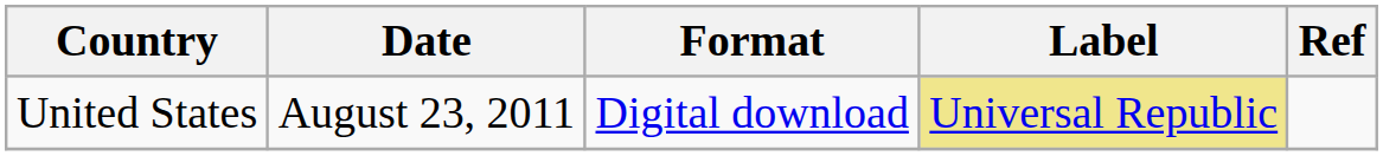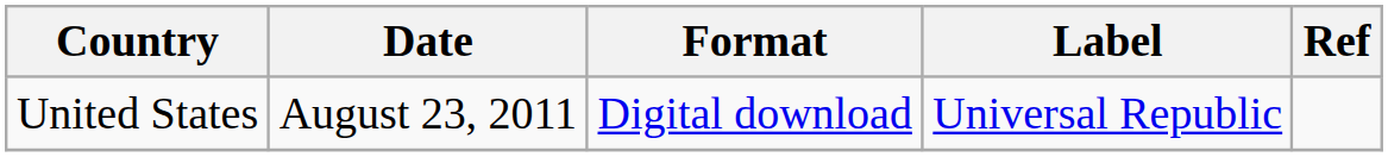 <table class="wikitable">
 <tr>
 <th>Country</th>
 <th>Date</th>
 <th>Format</th>
 <th>Label</th>
 <th>Ref</th>
 </tr>
 <tr>
 <td>United States</td>
 <td rowspan="1">August 23, 2011</td>
 <td rowspan="1"><a href='#'>Digital download</a></td>
-<td rowspan="1" style="background: khaki;"><a href='#'>Universal Republic</a></td>
+<td rowspan="1"><a href='#'>Universal Republic</a></td>
 <td></td>
 </tr>
 <tr>
 </tr>
 </table>
